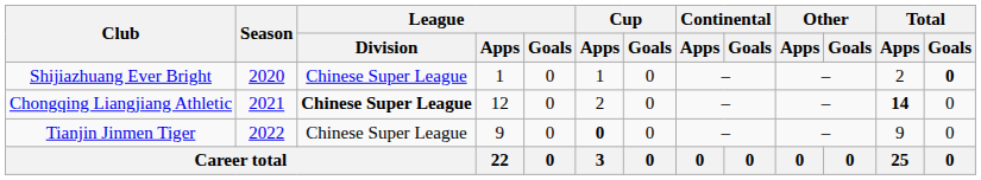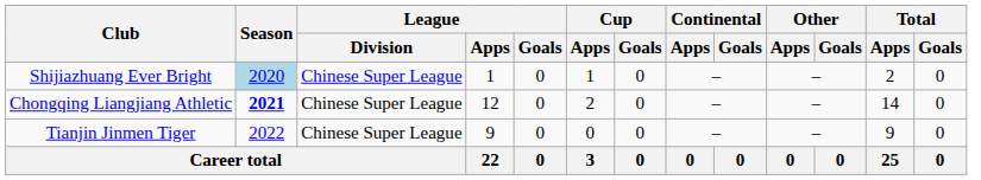 <table class="wikitable" style="text-align: center">
 <tr>
 <th rowspan="2">Club</th>
 <th rowspan="2">Season</th>
 <th colspan="3">League</th>
 <th colspan="2">Cup</th>
 <th colspan="2">Continental</th>
 <th colspan="2">Other</th>
 <th colspan="2">Total</th>
 </tr>
 <tr>
 <th>Division</th>
 <th>Apps</th>
 <th>Goals</th>
 <th>Apps</th>
 <th>Goals</th>
 <th>Apps</th>
 <th>Goals</th>
 <th>Apps</th>
 <th>Goals</th>
 <th>Apps</th>
 <th>Goals</th>
 </tr>
 <tr>
 <td><a href='#'>Shijiazhuang Ever Bright</a></td>
-<td><a href='#'>2020</a></td>
+<td style="background: lightblue;"><a href='#'>2020</a></td>
 <td><a href='#'>Chinese Super League</a></td>
 <td>1</td>
 <td>0</td>
 <td>1</td>
 <td>0</td>
 <td colspan="2">–</td>
 <td colspan="2">–</td>
 <td>2</td>
-<td><strong>0</strong></td>
+<td>0</td>
 </tr>
 <tr>
 <td><a href='#'>Chongqing Liangjiang Athletic</a></td>
-<td><a href='#'>2021</a></td>
-<td><strong>Chinese Super League</strong></td>
+<td><strong><a href='#'>2021</a></strong></td>
+<td>Chinese Super League</td>
 <td>12</td>
 <td>0</td>
 <td>2</td>
 <td>0</td>
 <td colspan="2">–</td>
 <td colspan="2">–</td>
-<td><strong>14</strong></td>
+<td>14</td>
 <td>0</td>
 </tr>
 <tr>
 <td><a href='#'>Tianjin Jinmen Tiger</a></td>
 <td><a href='#'>2022</a></td>
 <td>Chinese Super League</td>
 <td>9</td>
 <td>0</td>
-<td><strong>0</strong></td>
+<td>0</td>
 <td>0</td>
 <td colspan="2">–</td>
 <td colspan="2">–</td>
 <td>9</td>
 <td>0</td>
 </tr>
 <tr>
 <th colspan=3>Career total</th>
 <th>22</th>
 <th>0</th>
 <th>3</th>
 <th>0</th>
 <th>0</th>
 <th>0</th>
 <th>0</th>
 <th>0</th>
 <th>25</th>
 <th>0</th>
 </tr>
 </table>
